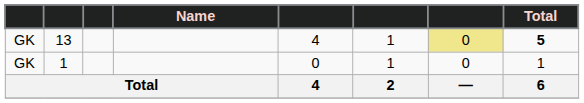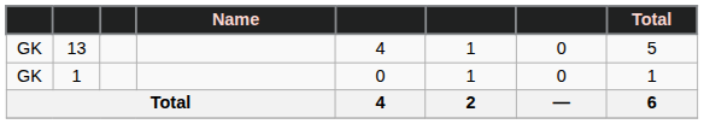 <table class="wikitable sortable" style="text-align:center;">
 <tr>
 <th style="background:#202121; color:#F7D5CF; border:2px solid #898C8F; width:35px;" scope="col"></th>
 <th style="background:#202121; color:#F7D5CF; border:2px solid #898C8F; width:35px;" scope="col"></th>
 <th style="background:#202121; color:#F7D5CF; border:2px solid #898C8F; width:25px;" scope="col"></th>
 <th style="background:#202121; color:#F7D5CF; border:2px solid #898C8F; width:175px;" scope="col">Name</th>
 <th style="background:#202121; color:#F7D5CF; border:2px solid #898C8F; width:75px;" scope="col"></th>
 <th style="background:#202121; color:#F7D5CF; border:2px solid #898C8F; width:75px;" scope="col"></th>
 <th style="background:#202121; color:#F7D5CF; border:2px solid #898C8F; width:75px;" scope="col"></th>
 <th style="background:#202121; color:#F7D5CF; border:2px solid #898C8F; width:75px;" scope="col">Total</th>
 </tr>
 <tr>
 <td>GK</td>
 <td>13</td>
 <td></td>
 <td></td>
 <td>4</td>
 <td>1</td>
-<td style="background: khaki;">0</td>
-<td><strong>5</strong></td>
+<td>0</td>
+<td>5</td>
 </tr>
 <tr>
 <td>GK</td>
 <td>1</td>
 <td></td>
 <td></td>
 <td>0</td>
 <td>1</td>
 <td>0</td>
 <td>1</td>
 </tr>
 <tr>
 <th colspan="4" scope="row">Total</th>
 <th>4</th>
 <th>2</th>
 <th>—</th>
 <th>6</th>
 </tr>
 <tr>
 </tr>
 </table>
